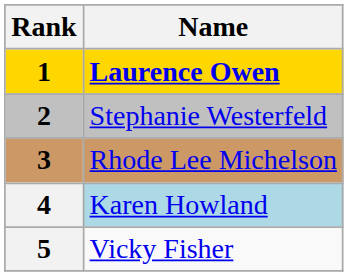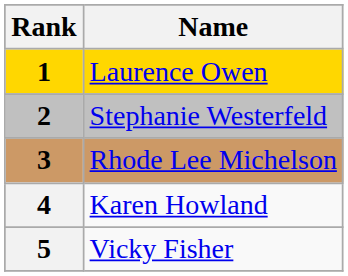 <table class="wikitable">
 <tr>
 <th>Rank</th>
 <th>Name</th>
 </tr>
 <tr bgcolor="gold">
 <td align="center"><strong>1</strong></td>
-<td><strong><a href='#'>Laurence Owen</a></strong></td>
+<td><a href='#'>Laurence Owen</a></td>
 </tr>
 <tr bgcolor="silver">
 <td align="center"><strong>2</strong></td>
 <td><a href='#'>Stephanie Westerfeld</a></td>
 </tr>
 <tr bgcolor="cc9966">
 <td align="center"><strong>3</strong></td>
 <td><a href='#'>Rhode Lee Michelson</a></td>
 </tr>
 <tr>
 <th>4</th>
-<td style="background: lightblue;"><a href='#'>Karen Howland</a></td>
+<td><a href='#'>Karen Howland</a></td>
 </tr>
 <tr>
 <th>5</th>
 <td><a href='#'>Vicky Fisher</a></td>
 </tr>
 </table>
